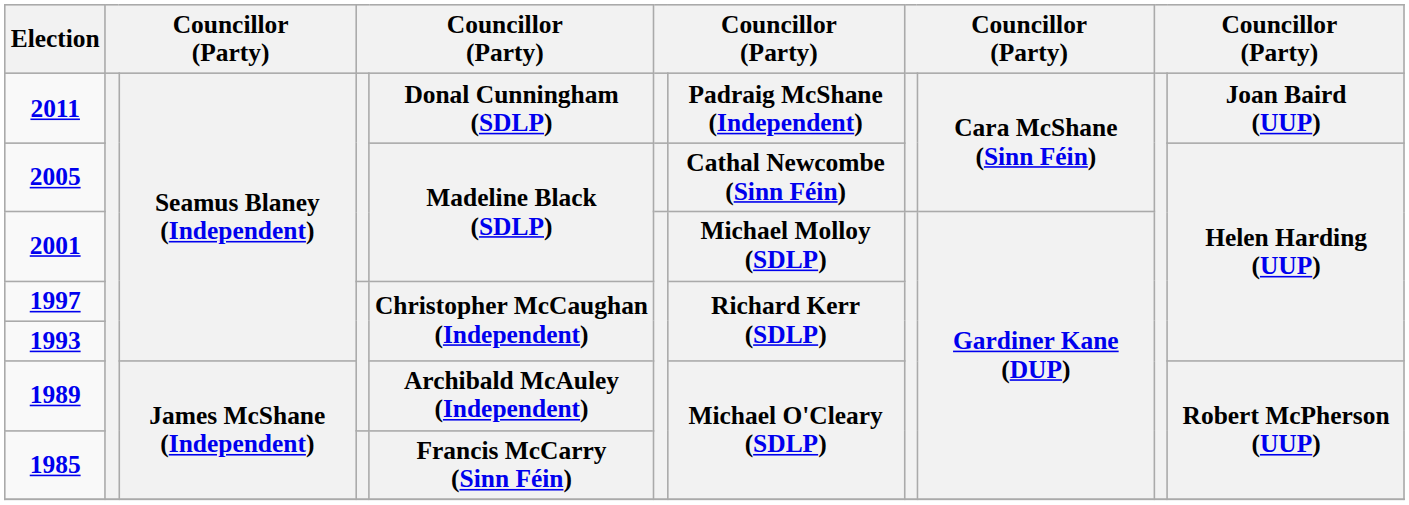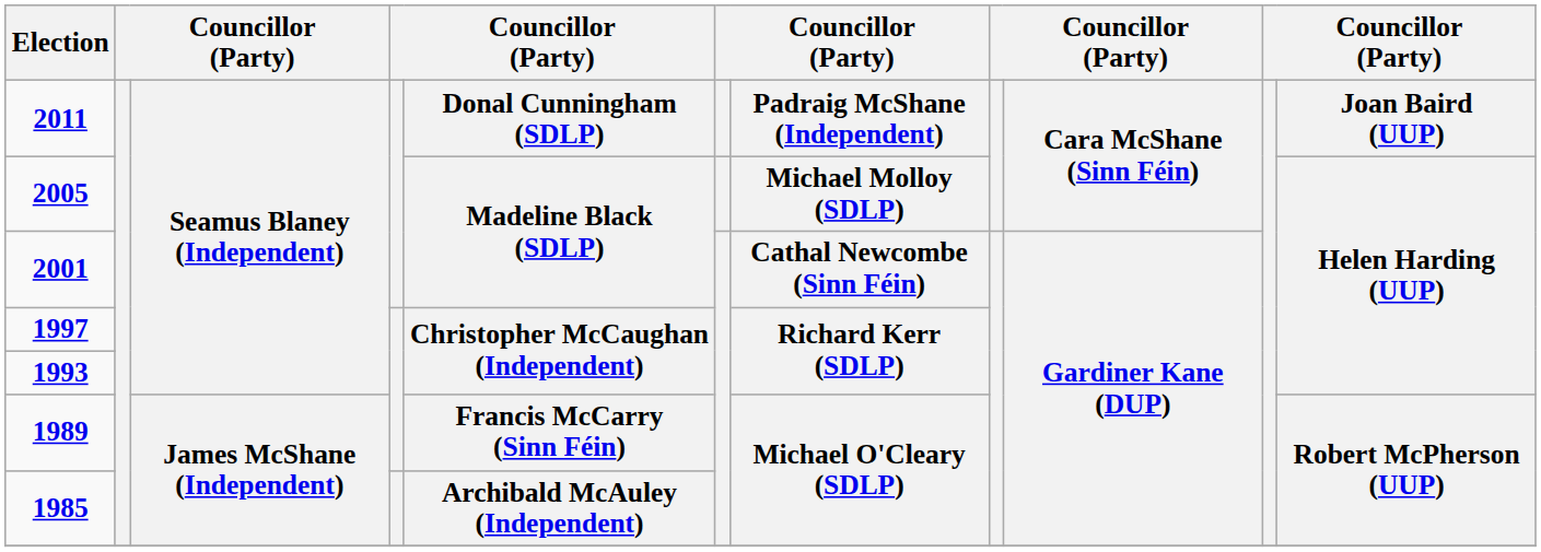 <table class="wikitable" style="text-align:center">
 <tr>
 <th scope="col" width="50">Election</th>
 <th scope="col" width="150" colspan = "2">Councillor<br> (Party)</th>
 <th scope="col" width="150" colspan = "2">Councillor<br> (Party)</th>
 <th scope="col" width="150" colspan = "2">Councillor<br> (Party)</th>
 <th scope="col" width="150" colspan = "2">Councillor<br> (Party)</th>
 <th scope="col" width="150" colspan = "2">Councillor<br> (Party)</th>
 </tr>
 <tr>
 <td><strong><a href='#'>2011</a></strong></td>
 <th rowspan="7" width="1" style="background-color: "></th>
 <th rowspan = "5">Seamus Blaney <br> (<a href='#'>Independent</a>)</th>
 <th rowspan="3" width="1" style="background-color: "></th>
 <th rowspan = "1">Donal Cunningham <br> (<a href='#'>SDLP</a>)</th>
 <th rowspan="1" width="1" style="background-color: "></th>
 <th rowspan = "1">Padraig McShane <br> (<a href='#'>Independent</a>)</th>
 <th rowspan="2" width="1" style="background-color: "></th>
 <th rowspan = "2">Cara McShane <br> (<a href='#'>Sinn Féin</a>)</th>
 <th rowspan="7" width="1" style="background-color: "></th>
 <th rowspan = "1">Joan Baird <br> (<a href='#'>UUP</a>)</th>
 </tr>
 <tr>
 <td><strong><a href='#'>2005</a></strong></td>
 <th rowspan = "2">Madeline Black <br> (<a href='#'>SDLP</a>)</th>
 <th rowspan="1" width="1" style="background-color: "></th>
-<th rowspan = "1">Cathal Newcombe <br> (<a href='#'>Sinn Féin</a>)</th>
+<th rowspan = "1">Michael Molloy <br> (<a href='#'>SDLP</a>)</th>
 <th rowspan = "4">Helen Harding <br> (<a href='#'>UUP</a>)</th>
 </tr>
 <tr>
 <td><strong><a href='#'>2001</a></strong></td>
 <th rowspan="5" width="1" style="background-color: "></th>
-<th rowspan = "1">Michael Molloy <br> (<a href='#'>SDLP</a>)</th>
+<th rowspan = "1">Cathal Newcombe <br> (<a href='#'>Sinn Féin</a>)</th>
 <th rowspan="5" width="1" style="background-color: "></th>
 <th rowspan = "5"><a href='#'>Gardiner Kane</a> <br> (<a href='#'>DUP</a>)</th>
 </tr>
 <tr>
 <td><strong><a href='#'>1997</a></strong></td>
 <th rowspan="3" width="1" style="background-color: "></th>
 <th rowspan = "2">Christopher McCaughan <br> (<a href='#'>Independent</a>)</th>
 <th rowspan = "2">Richard Kerr <br> (<a href='#'>SDLP</a>)</th>
 </tr>
 <tr>
 <td><strong><a href='#'>1993</a></strong></td>
 </tr>
 <tr>
 <td><strong><a href='#'>1989</a></strong></td>
 <th rowspan = "2">James McShane <br> (<a href='#'>Independent</a>)</th>
-<th rowspan = "1">Archibald McAuley <br> (<a href='#'>Independent</a>)</th>
+<th rowspan = "1">Francis McCarry <br> (<a href='#'>Sinn Féin</a>)</th>
 <th rowspan = "2">Michael O'Cleary <br> (<a href='#'>SDLP</a>)</th>
 <th rowspan = "2">Robert McPherson <br> (<a href='#'>UUP</a>)</th>
 </tr>
 <tr>
 <td><strong><a href='#'>1985</a></strong></td>
 <th rowspan="1" width="1" style="background-color: "></th>
-<th rowspan = "1">Francis McCarry <br> (<a href='#'>Sinn Féin</a>)</th>
+<th rowspan = "1">Archibald McAuley <br> (<a href='#'>Independent</a>)</th>
 </tr>
 <tr>
 </tr>
 </table>
